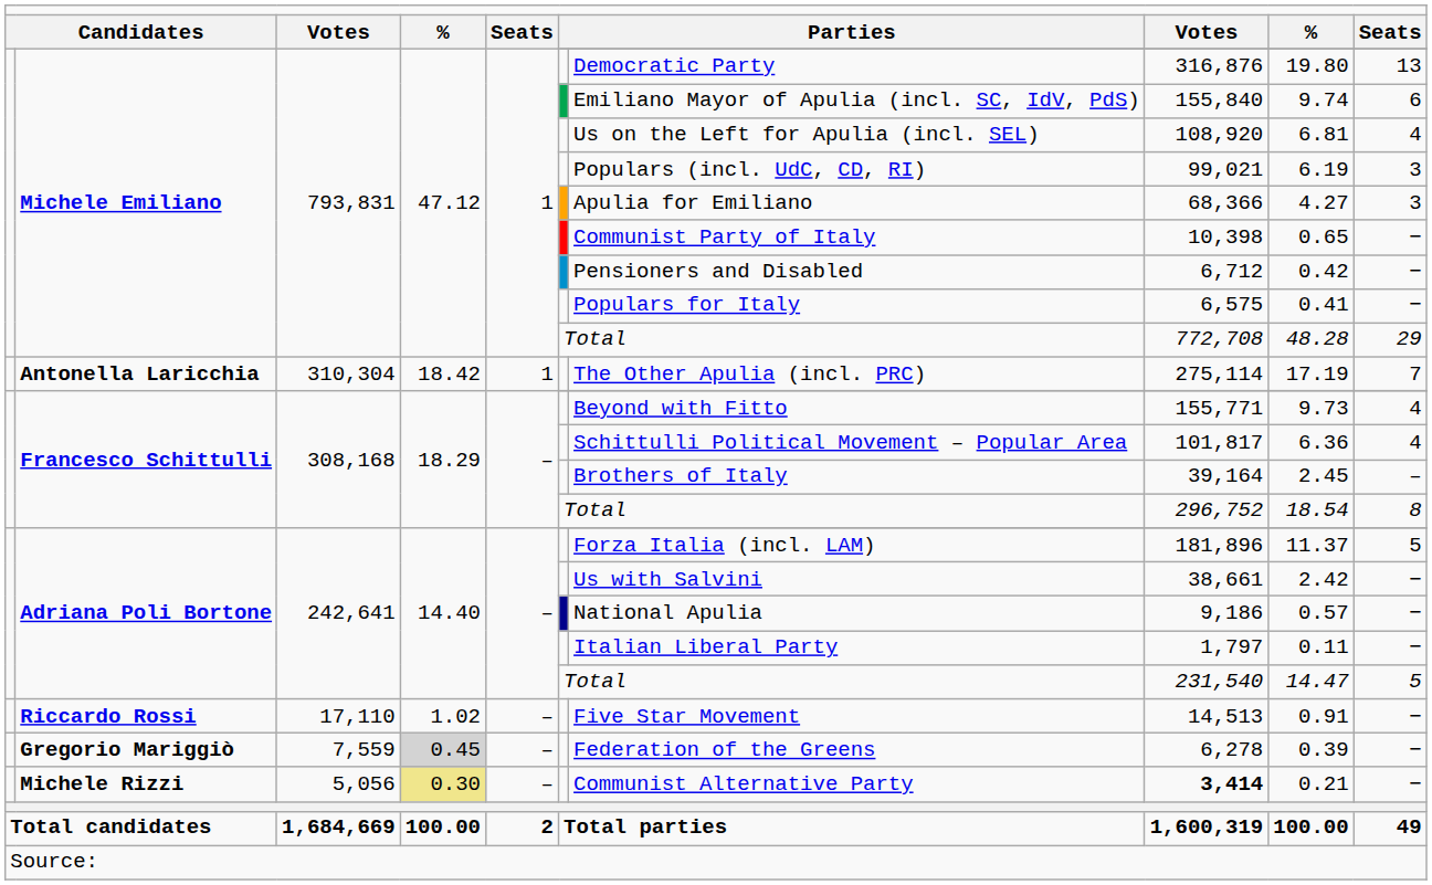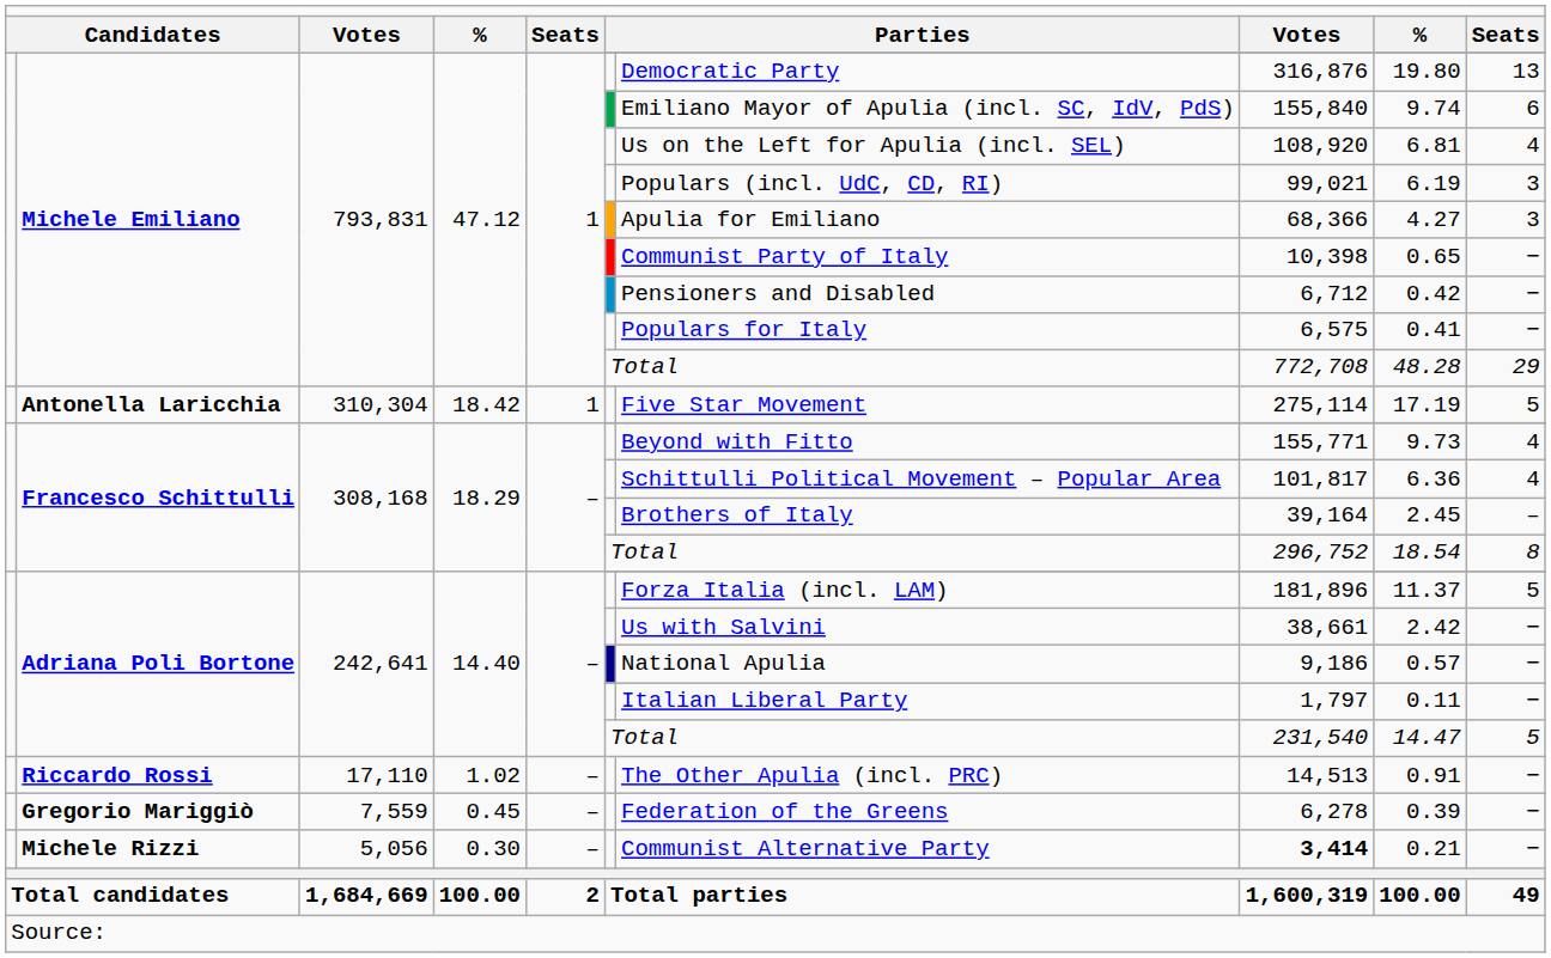 <table class="wikitable">
 <tr>
 <td colspan=10></td>
 </tr>
 <tr>
 <th colspan=2>Candidates</th>
 <th>Votes</th>
 <th>%</th>
 <th>Seats</th>
 <th colspan=2>Parties</th>
 <th>Votes</th>
 <th>%</th>
 <th>Seats</th>
 </tr>
 <tr>
 <td rowspan=10></td>
 <td rowspan=10><strong><a href='#'>Michele Emiliano</a></strong></td>
 <td rowspan=10 align=right>793,831</td>
 <td rowspan=10 align=right>47.12</td>
 <td rowspan=10 align=right>1</td>
 </tr>
 <tr>
 <td></td>
 <td><a href='#'>Democratic Party</a></td>
 <td align=right>316,876</td>
 <td align=right>19.80</td>
 <td align=right>13</td>
 </tr>
 <tr>
 <td bgcolor="#00A64F"></td>
 <td>Emiliano Mayor of Apulia (incl. <a href='#'>SC</a>, <a href='#'>IdV</a>, <a href='#'>PdS</a>)</td>
 <td align=right>155,840</td>
 <td align=right>9.74</td>
 <td align=right>6</td>
 </tr>
 <tr>
 <td></td>
 <td>Us on the Left for Apulia (incl. <a href='#'>SEL</a>)</td>
 <td align=right>108,920</td>
 <td align=right>6.81</td>
 <td align=right>4</td>
 </tr>
 <tr>
 <td></td>
 <td>Populars (incl. <a href='#'>UdC</a>, <a href='#'>CD</a>, <a href='#'>RI</a>)</td>
 <td align=right>99,021</td>
 <td align=right>6.19</td>
 <td align=right>3</td>
 </tr>
 <tr>
 <td bgcolor="orange"></td>
 <td>Apulia for Emiliano</td>
 <td align=right>68,366</td>
 <td align=right>4.27</td>
 <td align=right>3</td>
 </tr>
 <tr>
 <td bgcolor="red"></td>
 <td><a href='#'>Communist Party of Italy</a></td>
 <td align=right>10,398</td>
 <td align=right>0.65</td>
 <td align=right>−</td>
 </tr>
 <tr>
 <td bgcolor="#0090CC"></td>
 <td>Pensioners and Disabled</td>
 <td align=right>6,712</td>
 <td align=right>0.42</td>
 <td align=right>−</td>
 </tr>
 <tr>
 <td></td>
 <td><a href='#'>Populars for Italy</a></td>
 <td align=right>6,575</td>
 <td align=right>0.41</td>
 <td align=right>−</td>
 </tr>
 <tr>
 <td colspan=2><em>Total</em></td>
 <td align=right><em>772,708</em></td>
 <td align=right><em>48.28</em></td>
 <td align=right><em>29</em></td>
 </tr>
 <tr>
 <td></td>
 <td><strong>Antonella Laricchia</strong></td>
 <td align=right>310,304</td>
 <td align=right>18.42</td>
 <td align=right>1</td>
 <td></td>
-<td><a href='#'>The Other Apulia</a> (incl. <a href='#'>PRC</a>)</td>
+<td><a href='#'>Five Star Movement</a></td>
 <td align=right>275,114</td>
 <td align=right>17.19</td>
-<td align=right>7</td>
+<td align=right>5</td>
 </tr>
 <tr>
 <td rowspan=5></td>
 <td rowspan=5><strong><a href='#'>Francesco Schittulli</a></strong></td>
 <td rowspan=5 align=right>308,168</td>
 <td rowspan=5 align=right>18.29</td>
 <td rowspan=5 align=right>–</td>
 </tr>
 <tr>
 <td></td>
 <td><a href='#'>Beyond with Fitto</a></td>
 <td align=right>155,771</td>
 <td align=right>9.73</td>
 <td align=right>4</td>
 </tr>
 <tr>
 <td></td>
 <td><a href='#'>Schittulli Political Movement</a> – <a href='#'>Popular Area</a></td>
 <td align=right>101,817</td>
 <td align=right>6.36</td>
 <td align=right>4</td>
 </tr>
 <tr>
 <td></td>
 <td><a href='#'>Brothers of Italy</a></td>
 <td align=right>39,164</td>
 <td align=right>2.45</td>
 <td align=right>–</td>
 </tr>
 <tr>
 <td colspan=2><em>Total</em></td>
 <td align=right><em>296,752</em></td>
 <td align=right><em>18.54</em></td>
 <td align=right><em>8</em></td>
 </tr>
 <tr>
 <td rowspan=6></td>
 <td rowspan=6><strong><a href='#'>Adriana Poli Bortone</a></strong></td>
 <td rowspan=6 align=right>242,641</td>
 <td rowspan=6 align=right>14.40</td>
 <td rowspan=6 align=right>–</td>
 </tr>
 <tr>
 <td></td>
 <td><a href='#'>Forza Italia</a> (incl. <a href='#'>LAM</a>)</td>
 <td align=right>181,896</td>
 <td align=right>11.37</td>
 <td align=right>5</td>
 </tr>
 <tr>
 <td></td>
 <td><a href='#'>Us with Salvini</a></td>
 <td align=right>38,661</td>
 <td align=right>2.42</td>
 <td align=right>−</td>
 </tr>
 <tr>
 <td bgcolor="darkblue"></td>
 <td>National Apulia</td>
 <td align=right>9,186</td>
 <td align=right>0.57</td>
 <td align=right>−</td>
 </tr>
 <tr>
 <td></td>
 <td><a href='#'>Italian Liberal Party</a></td>
 <td align=right>1,797</td>
 <td align=right>0.11</td>
 <td align=right>−</td>
 </tr>
 <tr>
 <td colspan=2><em>Total</em></td>
 <td align=right><em>231,540</em></td>
 <td align=right><em>14.47</em></td>
 <td align=right><em>5</em></td>
 </tr>
 <tr>
 <td></td>
 <td><strong><a href='#'>Riccardo Rossi</a></strong></td>
 <td align=right>17,110</td>
 <td align=right>1.02</td>
 <td align=right>–</td>
 <td></td>
-<td><a href='#'>Five Star Movement</a></td>
+<td><a href='#'>The Other Apulia</a> (incl. <a href='#'>PRC</a>)</td>
 <td align=right>14,513</td>
 <td align=right>0.91</td>
 <td align=right>−</td>
 </tr>
 <tr>
 <td></td>
 <td><strong>Gregorio Mariggiò</strong></td>
 <td align=right>7,559</td>
-<td align=right style="background: lightgrey;">0.45</td>
+<td align=right>0.45</td>
 <td align=right>–</td>
 <td></td>
 <td><a href='#'>Federation of the Greens</a></td>
 <td align=right>6,278</td>
 <td align=right>0.39</td>
 <td align=right>−</td>
 </tr>
 <tr>
 <td></td>
 <td><strong>Michele Rizzi</strong></td>
 <td align=right>5,056</td>
-<td align=right style="background: khaki;">0.30</td>
+<td align=right>0.30</td>
 <td align=right>–</td>
 <td></td>
 <td><a href='#'>Communist Alternative Party</a></td>
 <td align=right><strong>3,414</strong></td>
 <td align=right>0.21</td>
 <td align=right>−</td>
 </tr>
 <tr>
 <th colspan=10></th>
 </tr>
 <tr>
 <td colspan=2><strong>Total candidates</strong></td>
 <td align=right><strong>1,684,669</strong></td>
 <td align=right><strong>100.00</strong></td>
 <td align=right><strong>2</strong></td>
 <td colspan=2><strong>Total parties</strong></td>
 <td align=right><strong>1,600,319</strong></td>
 <td align=right><strong>100.00</strong></td>
 <td align=right><strong>49</strong></td>
 </tr>
 <tr>
 <td colspan=10>Source: </td>
 </tr>
 </table>
